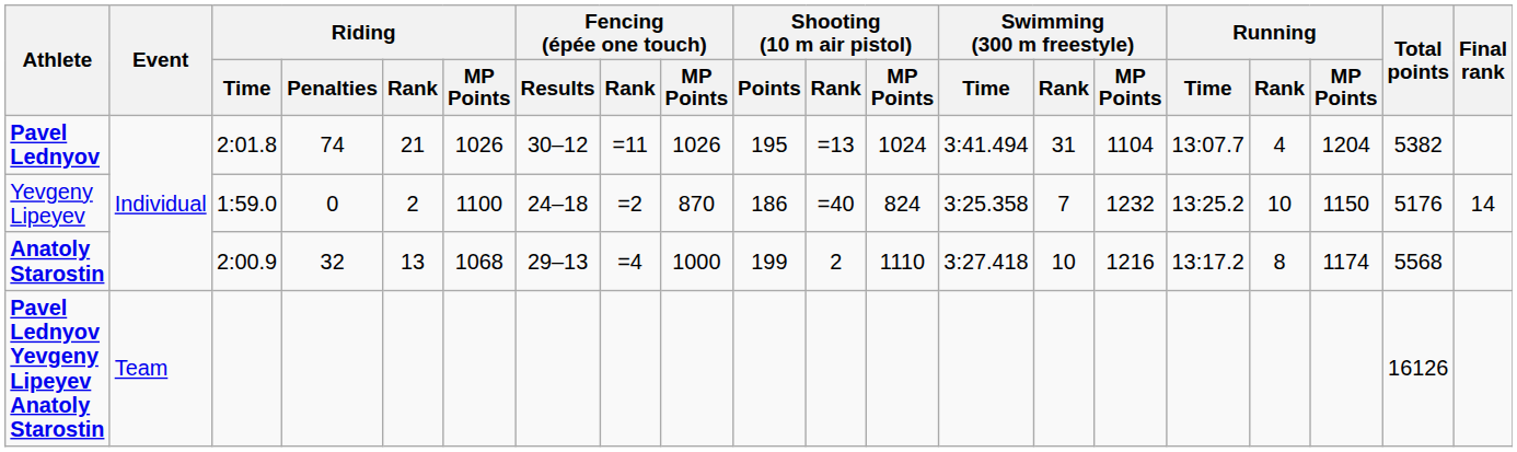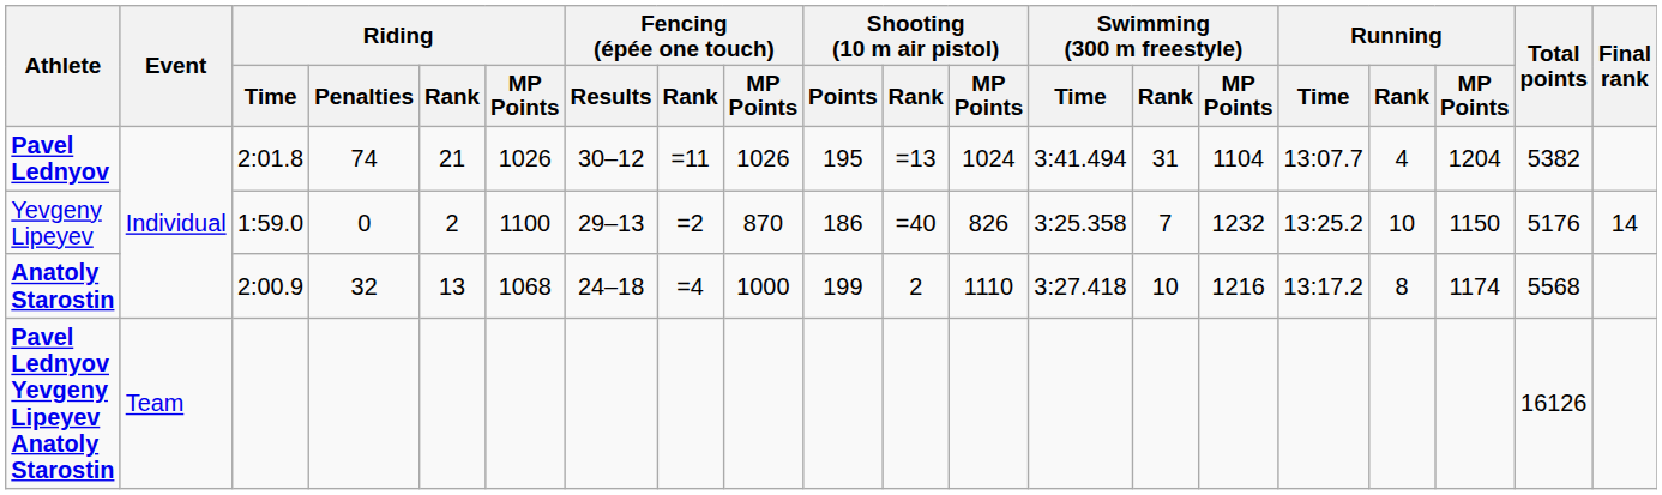 <table class="wikitable" style="text-align:center;font-size:90%">
 <tr style="font-size:95%">
 <th rowspan=2>Athlete</th>
 <th rowspan=2>Event</th>
 <th colspan=4>Riding</th>
 <th colspan=3>Fencing<br>(épée one touch)</th>
 <th colspan=3>Shooting<br>(10 m air pistol)</th>
 <th colspan=3>Swimming<br>(300 m freestyle)</th>
 <th colspan=3>Running</th>
 <th rowspan=2>Total<br>points</th>
 <th rowspan=2>Final<br>rank</th>
 </tr>
 <tr style="font-size:95%">
 <th>Time</th>
 <th>Penalties</th>
 <th>Rank</th>
 <th>MP<br>Points</th>
 <th>Results</th>
 <th>Rank</th>
 <th>MP<br>Points</th>
 <th>Points</th>
 <th>Rank</th>
 <th>MP<br>Points</th>
 <th>Time</th>
 <th>Rank</th>
 <th>MP<br>Points</th>
 <th>Time</th>
 <th>Rank</th>
 <th>MP<br>Points</th>
 </tr>
 <tr align=center>
 <td align="left"><strong><a href='#'>Pavel Lednyov</a></strong></td>
 <td rowspan=3 align=left><a href='#'>Individual</a></td>
 <td>2:01.8</td>
 <td>74</td>
 <td>21</td>
 <td>1026</td>
 <td>30–12</td>
 <td>=11</td>
 <td>1026</td>
 <td>195</td>
 <td>=13</td>
 <td>1024</td>
 <td>3:41.494</td>
 <td>31</td>
 <td>1104</td>
 <td>13:07.7</td>
 <td>4</td>
 <td>1204</td>
 <td>5382</td>
 <td></td>
 </tr>
 <tr align=center>
 <td align=left><a href='#'>Yevgeny Lipeyev</a></td>
 <td>1:59.0</td>
 <td>0</td>
 <td>2</td>
 <td>1100</td>
-<td>24–18</td>
+<td>29–13</td>
 <td>=2</td>
 <td>870</td>
 <td>186</td>
 <td>=40</td>
-<td>824</td>
+<td>826</td>
 <td>3:25.358</td>
 <td>7</td>
 <td>1232</td>
 <td>13:25.2</td>
 <td>10</td>
 <td>1150</td>
 <td>5176</td>
 <td>14</td>
 </tr>
 <tr align=center>
 <td align=left><strong><a href='#'>Anatoly Starostin</a></strong></td>
 <td>2:00.9</td>
 <td>32</td>
 <td>13</td>
 <td>1068</td>
-<td>29–13</td>
+<td>24–18</td>
 <td>=4</td>
 <td>1000</td>
 <td>199</td>
 <td>2</td>
 <td>1110</td>
 <td>3:27.418</td>
 <td>10</td>
 <td>1216</td>
 <td>13:17.2</td>
 <td>8</td>
 <td>1174</td>
 <td>5568</td>
 <td></td>
 </tr>
 <tr align=center>
 <td align=left><strong><a href='#'>Pavel Lednyov</a><br><a href='#'>Yevgeny Lipeyev</a><br><a href='#'>Anatoly Starostin</a></strong></td>
 <td align=left><a href='#'>Team</a></td>
 <td></td>
 <td></td>
 <td></td>
 <td></td>
 <td></td>
 <td></td>
 <td></td>
 <td></td>
 <td></td>
 <td></td>
 <td></td>
 <td></td>
 <td></td>
 <td></td>
 <td></td>
 <td></td>
 <td>16126</td>
 <td></td>
 </tr>
 </table>
